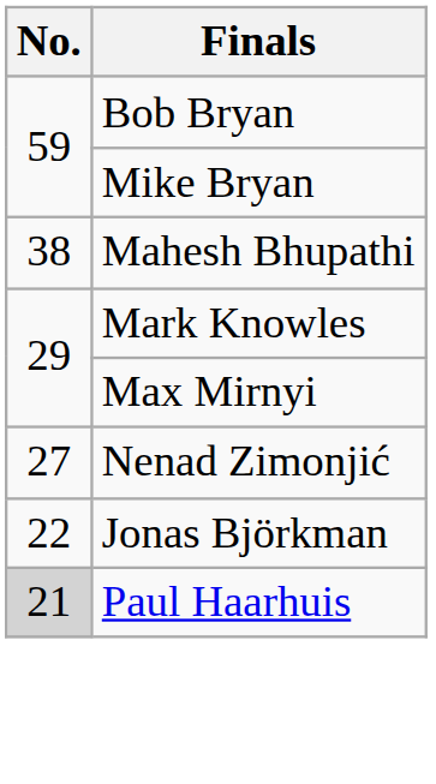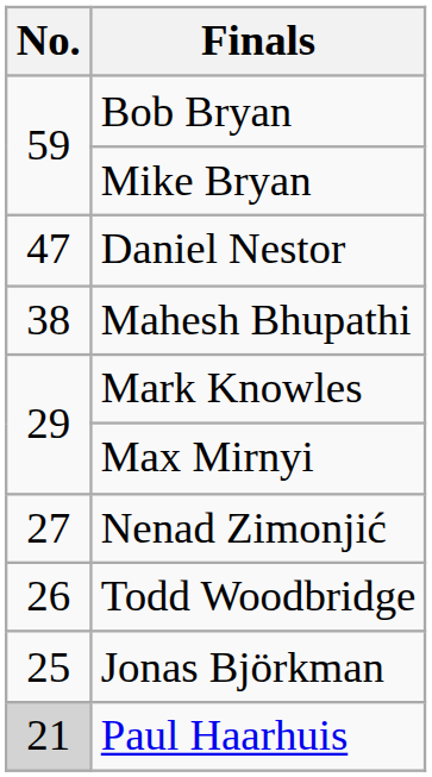 <table class="wikitable nowrap" style="text-align:center; display:inline-table">
 <tr>
 <th scope="col" style="width:20">No.</th>
 <th scope="col">Finals</th>
 </tr>
 <tr>
 <td rowspan="2">59</td>
 <td style="text-align: left;"> Bob Bryan</td>
 </tr>
 <tr>
 <td style="text-align: left;"> Mike Bryan</td>
+</tr>
+<tr>
+<td>47</td>
+<td style="text-align: left;"> Daniel Nestor</td>
 </tr>
 <tr>
 <td>38</td>
 <td style="text-align: left;"> Mahesh Bhupathi</td>
 </tr>
 <tr>
 <td rowspan="2">29</td>
 <td style="text-align: left;"> Mark Knowles</td>
 </tr>
 <tr>
 <td style="text-align: left;"> Max Mirnyi</td>
 </tr>
 <tr>
 <td>27</td>
 <td style="text-align: left;"> Nenad Zimonjić</td>
 </tr>
 <tr>
-<td>22</td>
+<td>26</td>
+<td style="text-align: left;"> Todd Woodbridge</td>
+</tr>
+<tr>
+<td>25</td>
 <td style="text-align: left;"> Jonas Björkman</td>
 </tr>
 <tr>
 <td style="background: lightgrey;">21</td>
 <td style="text-align: left;"> <a href='#'>Paul Haarhuis</a></td>
 </tr>
 </table>
